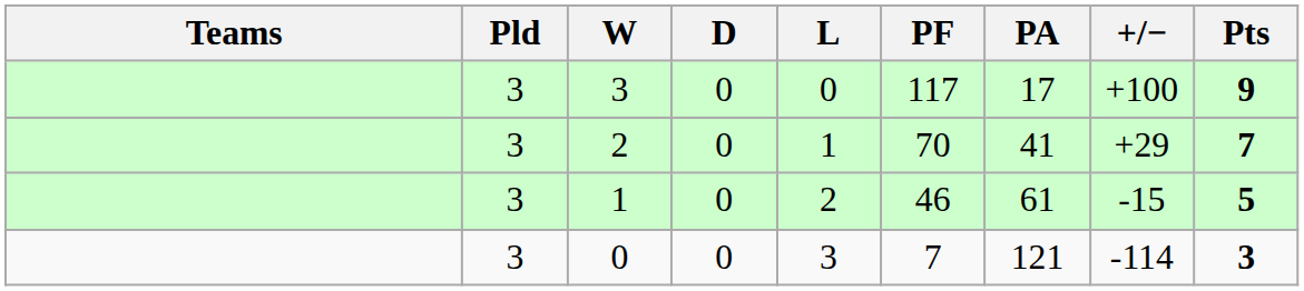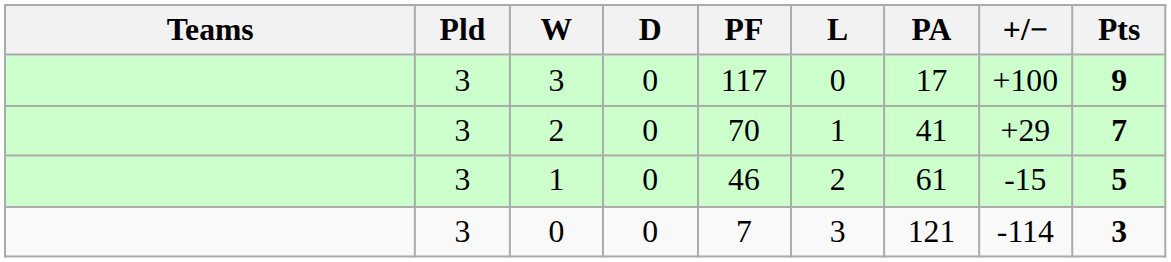 <table class="wikitable" style="text-align: center;">
 <tr>
 <th width="200">Teams</th>
 <th width="40">Pld</th>
 <th width="40">W</th>
 <th width="40">D</th>
+<th width="40">PF</th>
 <th width="40">L</th>
-<th width="40">PF</th>
 <th width="40">PA</th>
 <th width="40">+/−</th>
 <th width="40">Pts</th>
 </tr>
 <tr bgcolor=#ccffcc>
 <td align=left></td>
 <td>3</td>
 <td>3</td>
 <td>0</td>
+<td>117</td>
 <td>0</td>
-<td>117</td>
 <td>17</td>
 <td>+100</td>
 <td><strong>9</strong></td>
 </tr>
 <tr bgcolor=#ccffcc>
 <td align=left></td>
 <td>3</td>
 <td>2</td>
 <td>0</td>
+<td>70</td>
 <td>1</td>
-<td>70</td>
 <td>41</td>
 <td>+29</td>
 <td><strong>7</strong></td>
 </tr>
 <tr bgcolor=#ccffcc>
 <td align=left></td>
 <td>3</td>
 <td>1</td>
 <td>0</td>
+<td>46</td>
 <td>2</td>
-<td>46</td>
 <td>61</td>
 <td>-15</td>
 <td><strong>5</strong></td>
 </tr>
 <tr>
 <td align=left></td>
 <td>3</td>
 <td>0</td>
 <td>0</td>
+<td>7</td>
 <td>3</td>
-<td>7</td>
 <td>121</td>
 <td>-114</td>
 <td><strong>3</strong></td>
 </tr>
 </table>
